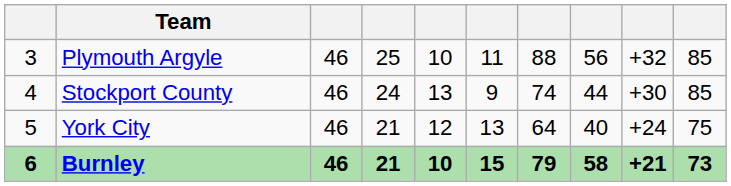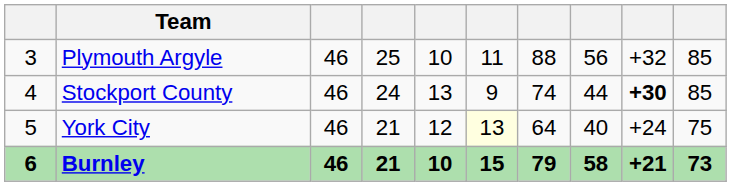 <table class="wikitable" style="text-align:center">
 <tr>
 <th width="30"></th>
 <th width="175">Team</th>
 <th width="30"></th>
 <th width="30"></th>
 <th width="30"></th>
 <th width="30"></th>
 <th width="30"></th>
 <th width="30"></th>
 <th width="30"></th>
 <th width="30"></th>
 </tr>
 <tr>
 <td>3</td>
 <td align=left><a href='#'>Plymouth Argyle</a></td>
 <td>46</td>
 <td>25</td>
 <td>10</td>
 <td>11</td>
 <td>88</td>
 <td>56</td>
 <td>+32</td>
 <td>85</td>
 </tr>
 <tr>
 <td>4</td>
 <td align=left><a href='#'>Stockport County</a></td>
 <td>46</td>
 <td>24</td>
 <td>13</td>
 <td>9</td>
 <td>74</td>
 <td>44</td>
-<td>+30</td>
+<td><strong>+30</strong></td>
 <td>85</td>
 </tr>
 <tr>
 <td>5</td>
 <td align=left><a href='#'>York City</a></td>
 <td>46</td>
 <td>21</td>
 <td>12</td>
-<td>13</td>
+<td style="background: lightyellow;">13</td>
 <td>64</td>
 <td>40</td>
 <td>+24</td>
 <td>75</td>
 </tr>
 <tr bgcolor=#ADDFAD>
 <td><strong>6</strong></td>
 <td align=left><strong><a href='#'>Burnley</a></strong></td>
 <td><strong>46</strong></td>
 <td><strong>21</strong></td>
 <td><strong>10</strong></td>
 <td><strong>15</strong></td>
 <td><strong>79</strong></td>
 <td><strong>58</strong></td>
 <td><strong>+21</strong></td>
 <td><strong>73</strong></td>
 </tr>
 </table>
